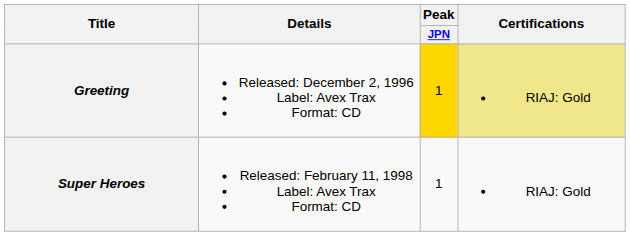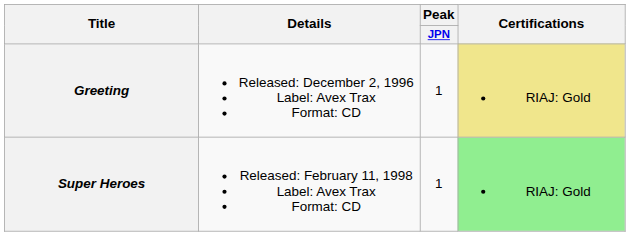 <table class="wikitable plainrowheaders" style="text-align:center;">
 <tr>
 <th scope="col" rowspan="2" style="width:14em;">Title</th>
 <th scope="col" rowspan="2" style="width:16em;">Details</th>
 <th scope="col" colspan="1">Peak</th>
 <th scope="col" rowspan="2" style="width:12em;">Certifications</th>
 </tr>
 <tr>
 <th scope="col" style="width:2.5em;font-size:85%;"><a href='#'>JPN</a><br></th>
 </tr>
 <tr>
 <th scope="row"><em>Greeting</em></th>
 <td><br><ul><li>Released: December 2, 1996</li><li>Label: Avex Trax</li><li>Format: CD</li></ul></td>
-<td style="background: gold;">1</td>
+<td>1</td>
 <td style="background: khaki;"><br><ul><li>RIAJ: Gold</li></ul></td>
 </tr>
 <tr>
 <th scope="row"><em>Super Heroes</em></th>
 <td><br><ul><li>Released: February 11, 1998</li><li>Label: Avex Trax</li><li>Format: CD</li></ul></td>
 <td>1</td>
-<td><br><ul><li>RIAJ: Gold</li></ul></td>
+<td style="background: lightgreen;"><br><ul><li>RIAJ: Gold</li></ul></td>
 </tr>
 </table>
